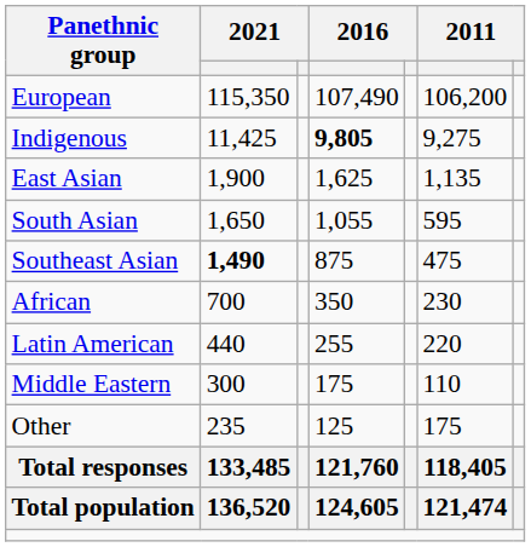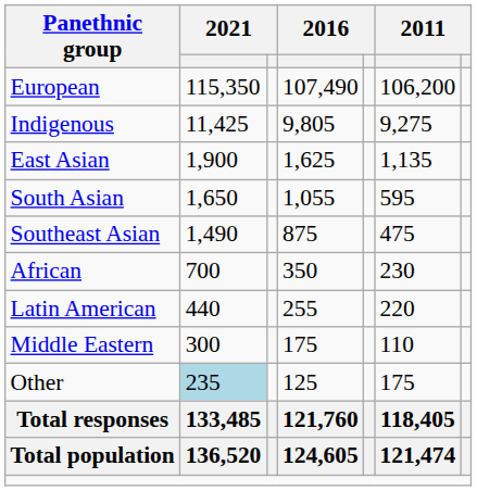 <table class="wikitable collapsible sortable">
 <tr>
 <th rowspan="2"><a href='#'>Panethnic</a><br>group</th>
 <th colspan="2">2021</th>
 <th colspan="2">2016</th>
 <th colspan="2">2011</th>
 </tr>
 <tr>
 <th><a href='#'></a></th>
 <th></th>
 <th></th>
 <th></th>
 <th></th>
 <th></th>
 </tr>
 <tr>
 <td><a href='#'>European</a></td>
 <td>115,350</td>
 <td></td>
 <td>107,490</td>
 <td></td>
 <td>106,200</td>
 <td></td>
 </tr>
 <tr>
 <td><a href='#'>Indigenous</a></td>
 <td>11,425</td>
 <td></td>
-<td><strong>9,805</strong></td>
+<td>9,805</td>
 <td></td>
 <td>9,275</td>
 <td></td>
 </tr>
 <tr>
 <td><a href='#'>East Asian</a></td>
 <td>1,900</td>
 <td></td>
 <td>1,625</td>
 <td></td>
 <td>1,135</td>
 <td></td>
 </tr>
 <tr>
 <td><a href='#'>South Asian</a></td>
 <td>1,650</td>
 <td></td>
 <td>1,055</td>
 <td></td>
 <td>595</td>
 <td></td>
 </tr>
 <tr>
 <td><a href='#'>Southeast Asian</a></td>
-<td><strong>1,490</strong></td>
+<td>1,490</td>
 <td></td>
 <td>875</td>
 <td></td>
 <td>475</td>
 <td></td>
 </tr>
 <tr>
 <td><a href='#'>African</a></td>
 <td>700</td>
 <td></td>
 <td>350</td>
 <td></td>
 <td>230</td>
 <td></td>
 </tr>
 <tr>
 <td><a href='#'>Latin American</a></td>
 <td>440</td>
 <td></td>
 <td>255</td>
 <td></td>
 <td>220</td>
 <td></td>
 </tr>
 <tr>
 <td><a href='#'>Middle Eastern</a></td>
 <td>300</td>
 <td></td>
 <td>175</td>
 <td></td>
 <td>110</td>
 <td></td>
 </tr>
 <tr>
 <td>Other</td>
-<td>235</td>
+<td style="background: lightblue;">235</td>
 <td></td>
 <td>125</td>
 <td></td>
 <td>175</td>
 <td></td>
 </tr>
 <tr>
 <th>Total responses</th>
 <th>133,485</th>
 <th></th>
 <th>121,760</th>
 <th></th>
 <th>118,405</th>
 <th></th>
 </tr>
 <tr>
 <th>Total population</th>
 <th>136,520</th>
 <th></th>
 <th>124,605</th>
 <th></th>
 <th>121,474</th>
 <th></th>
 </tr>
 <tr class="sortbottom">
 <td colspan="15"></td>
 </tr>
 </table>
